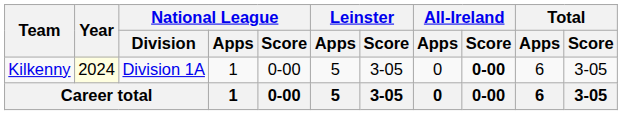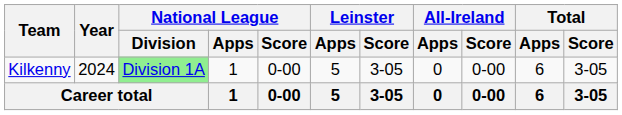 <table class="wikitable" style="text-align:center">
 <tr>
 <th rowspan="2">Team</th>
 <th rowspan="2">Year</th>
 <th colspan="3"><a href='#'>National League</a></th>
 <th colspan="2"><a href='#'>Leinster</a></th>
 <th colspan="2"><a href='#'>All-Ireland</a></th>
 <th colspan="2">Total</th>
 </tr>
 <tr>
 <th>Division</th>
 <th>Apps</th>
 <th>Score</th>
 <th>Apps</th>
 <th>Score</th>
 <th>Apps</th>
 <th>Score</th>
 <th>Apps</th>
 <th>Score</th>
 </tr>
 <tr>
 <td rowspan="1"><a href='#'>Kilkenny</a></td>
-<td style="background: lightyellow;">2024</td>
-<td rowspan="1"><a href='#'>Division 1A</a></td>
+<td>2024</td>
+<td rowspan="1" style="background: lightgreen;"><a href='#'>Division 1A</a></td>
 <td>1</td>
 <td>0-00</td>
 <td>5</td>
 <td>3-05</td>
 <td>0</td>
-<td><strong>0-00</strong></td>
+<td>0-00</td>
 <td>6</td>
 <td>3-05</td>
 </tr>
 <tr>
 <th colspan="3">Career total</th>
 <th>1</th>
 <th>0-00</th>
 <th>5</th>
 <th>3-05</th>
 <th>0</th>
 <th>0-00</th>
 <th>6</th>
 <th>3-05</th>
 </tr>
 </table>
